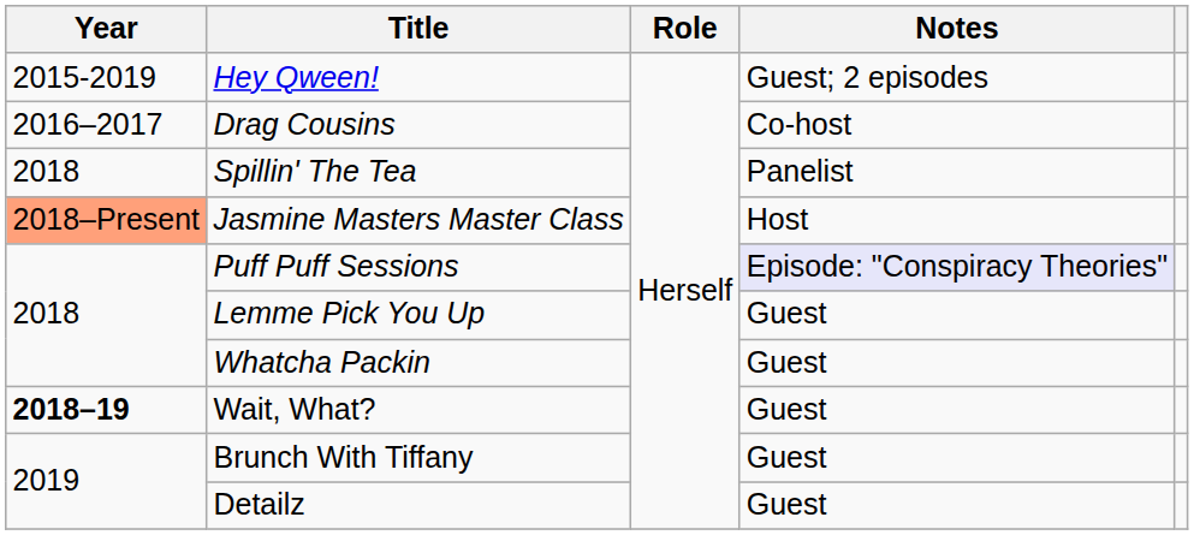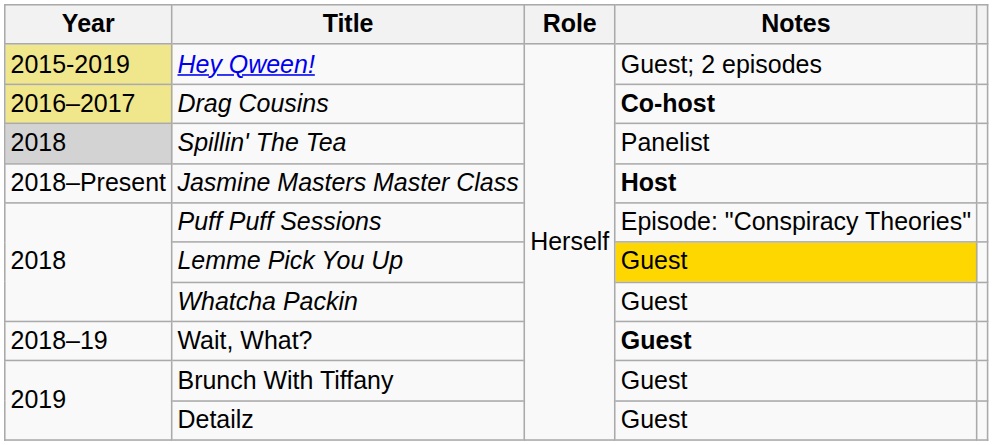 <table class="wikitable plainrowheaders sortable">
 <tr>
 <th scope="col">Year</th>
 <th scope="col">Title</th>
 <th scope="col">Role</th>
 <th scope="col">Notes</th>
 <th style="text-align: center;" class="unsortable"></th>
 </tr>
 <tr>
-<td>2015-2019</td>
+<td style="background: khaki;">2015-2019</td>
 <td><em><a href='#'>Hey Qween!</a></em></td>
 <td rowspan="10">Herself</td>
 <td>Guest; 2 episodes</td>
 <td></td>
 </tr>
 <tr>
-<td>2016–2017</td>
+<td style="background: khaki;">2016–2017</td>
 <td><em>Drag Cousins</em></td>
-<td>Co-host</td>
+<td><strong>Co-host</strong></td>
 <td></td>
 </tr>
 <tr>
-<td>2018</td>
+<td style="background: lightgrey;">2018</td>
 <td><em>Spillin' The Tea</em></td>
 <td>Panelist</td>
 <td></td>
 </tr>
 <tr>
-<td style="background: lightsalmon;">2018–Present</td>
+<td>2018–Present</td>
 <td><em>Jasmine Masters Master Class</em></td>
-<td>Host</td>
+<td><strong>Host</strong></td>
 <td></td>
 </tr>
 <tr>
 <td rowspan="3">2018</td>
 <td><em>Puff Puff Sessions</em></td>
-<td style="background: lavender;">Episode: "Conspiracy Theories"</td>
+<td>Episode: "Conspiracy Theories"</td>
 <td></td>
 </tr>
 <tr>
 <td><em>Lemme Pick You Up</em></td>
-<td>Guest</td>
+<td style="background: gold;">Guest</td>
 <td></td>
 </tr>
 <tr>
 <td><em>Whatcha Packin<strong></td>
 <td>Guest</td>
 <td></td>
 </tr>
 <tr>
-<td><strong>2018–19</strong></td>
+<td>2018–19</td>
 <td></em>Wait, What?<em></td>
-<td>Guest</td>
+<td><strong>Guest</strong></td>
 <td></td>
 </tr>
 <tr>
 <td rowspan="2">2019</td>
 <td></em>Brunch With Tiffany<em></td>
 <td>Guest</td>
 <td></td>
 </tr>
 <tr>
 <td></em>Detailz<em></td>
 <td>Guest</td>
 <td></td>
 </tr>
 </table>
